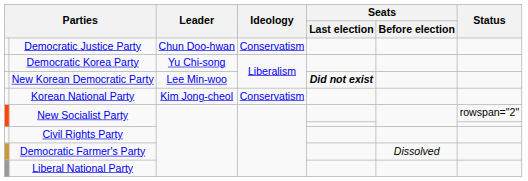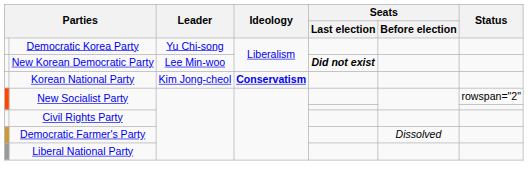 <table class="wikitable" style="text-align:center">
 <tr>
 <th colspan="2" rowspan="2">Parties</th>
 <th rowspan="2">Leader</th>
 <th rowspan="2">Ideology</th>
 <th colspan="2">Seats</th>
 <th rowspan="2">Status</th>
 </tr>
 <tr>
 <th>Last election</th>
 <th>Before election</th>
-</tr>
-<tr>
-<td style="background:"></td>
-<td><a href='#'>Democratic Justice Party</a></td>
-<td><a href='#'>Chun Doo-hwan</a></td>
-<td><a href='#'>Conservatism</a></td>
-<td></td>
-<td></td>
-<td></td>
 </tr>
 <tr>
 <td style="background:"></td>
 <td><a href='#'>Democratic Korea Party</a></td>
 <td><a href='#'>Yu Chi-song</a></td>
 <td rowspan="2"><a href='#'>Liberalism</a></td>
 <td></td>
 <td></td>
 <td></td>
 </tr>
 <tr>
 <td style="background:"></td>
 <td><a href='#'>New Korean Democratic Party</a></td>
 <td><a href='#'>Lee Min-woo</a></td>
 <td><strong><em>Did not exist</em></strong></td>
 <td></td>
 <td></td>
 </tr>
 <tr>
 <td style="background:"></td>
 <td><a href='#'>Korean National Party</a></td>
 <td><a href='#'>Kim Jong-cheol</a></td>
-<td><a href='#'>Conservatism</a></td>
+<td><strong><a href='#'>Conservatism</a></strong></td>
 <td></td>
 <td></td>
 <td></td>
 </tr>
 <tr>
 <td rowspan="2" style="background:#FF4500"></td>
 <td rowspan="2"><a href='#'>New Socialist Party</a></td>
 <td rowspan="5"></td>
 <td rowspan="5"></td>
 <td></td>
 <td rowspan="2"></td>
 <td>rowspan="2" </td>
 </tr>
 <tr>
 <td></td>
 </tr>
 <tr>
 <td style="background:"></td>
 <td><a href='#'>Civil Rights Party</a></td>
 <td></td>
 <td></td>
 <td></td>
 </tr>
 <tr>
 <td style="background:#CC9933"></td>
 <td><a href='#'>Democratic Farmer's Party</a></td>
 <td></td>
 <td><em>Dissolved</em></td>
 <td></td>
 </tr>
 <tr>
 <td style="background:#999999"></td>
 <td><a href='#'>Liberal National Party</a></td>
 <td></td>
 <td></td>
 <td></td>
 </tr>
 </table>
